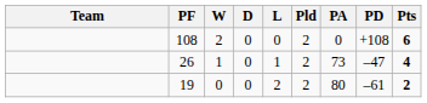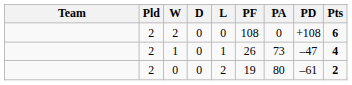 <table class="wikitable" style="text-align:center;">
 <tr>
 <th width=175>Team</th>
-<th width=32 abbr="Points for">PF</th>
+<th width=25 abbr="Played">Pld</th>
 <th width=25 abbr="Won">W</th>
 <th width=25 abbr="Drawn">D</th>
 <th width=25 abbr="Lost">L</th>
-<th width=25 abbr="Played">Pld</th>
+<th width=32 abbr="Points for">PF</th>
 <th width=32 abbr="Points against">PA</th>
 <th width=32 abbr="Points difference">PD</th>
 <th width=25 abbr="Points">Pts</th>
 </tr>
 <tr>
 <td align=left></td>
-<td>108</td>
+<td>2</td>
 <td>2</td>
 <td>0</td>
 <td>0</td>
-<td>2</td>
+<td>108</td>
 <td>0</td>
 <td>+108</td>
 <td><strong>6</strong></td>
 </tr>
 <tr>
 <td align=left></td>
-<td>26</td>
+<td>2</td>
 <td>1</td>
 <td>0</td>
 <td>1</td>
-<td>2</td>
+<td>26</td>
 <td>73</td>
 <td>–47</td>
 <td><strong>4</strong></td>
 </tr>
 <tr>
 <td align=left></td>
-<td>19</td>
+<td>2</td>
 <td>0</td>
 <td>0</td>
 <td>2</td>
-<td>2</td>
+<td>19</td>
 <td>80</td>
 <td>–61</td>
 <td><strong>2</strong></td>
 </tr>
 </table>
